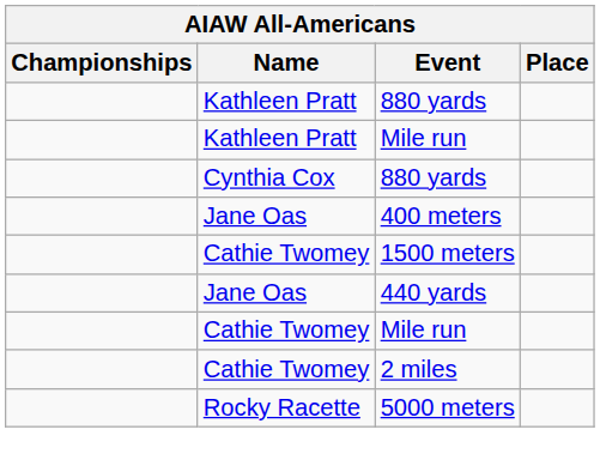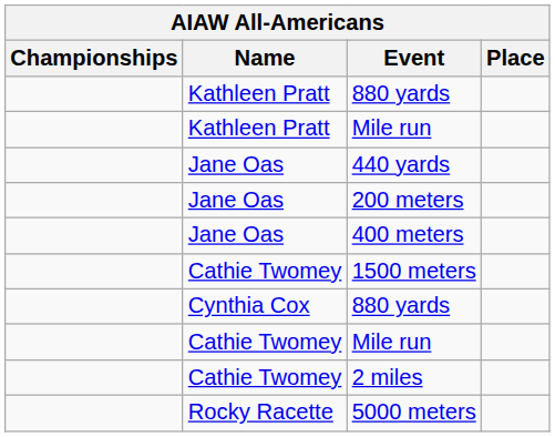 <table class="wikitable sortable">
 <tr>
 <th colspan="4">AIAW All-Americans</th>
 </tr>
 <tr>
 <th scope="col">Championships</th>
 <th scope="col">Name</th>
 <th scope="col">Event</th>
 <th scope="col">Place</th>
 </tr>
 <tr>
 <td></td>
 <td><a href='#'>Kathleen Pratt</a></td>
 <td><a href='#'>880 yards</a></td>
 <td></td>
 </tr>
 <tr>
 <td></td>
 <td><a href='#'>Kathleen Pratt</a></td>
 <td><a href='#'>Mile run</a></td>
 <td></td>
 </tr>
 <tr>
 <td></td>
-<td><a href='#'>Cynthia Cox</a></td>
-<td><a href='#'>880 yards</a></td>
+<td><a href='#'>Jane Oas</a></td>
+<td><a href='#'>440 yards</a></td>
+<td></td>
+</tr>
+<tr>
+<td></td>
+<td><a href='#'>Jane Oas</a></td>
+<td><a href='#'>200 meters</a></td>
 <td></td>
 </tr>
 <tr>
 <td></td>
 <td><a href='#'>Jane Oas</a></td>
 <td><a href='#'>400 meters</a></td>
 <td></td>
 </tr>
 <tr>
 <td></td>
 <td><a href='#'>Cathie Twomey</a></td>
 <td><a href='#'>1500 meters</a></td>
 <td></td>
 </tr>
 <tr>
 <td></td>
-<td><a href='#'>Jane Oas</a></td>
-<td><a href='#'>440 yards</a></td>
+<td><a href='#'>Cynthia Cox</a></td>
+<td><a href='#'>880 yards</a></td>
 <td></td>
 </tr>
 <tr>
 <td></td>
 <td><a href='#'>Cathie Twomey</a></td>
 <td><a href='#'>Mile run</a></td>
 <td></td>
 </tr>
 <tr>
 <td></td>
 <td><a href='#'>Cathie Twomey</a></td>
 <td><a href='#'>2 miles</a></td>
 <td></td>
 </tr>
 <tr>
 <td></td>
 <td><a href='#'>Rocky Racette</a></td>
 <td><a href='#'>5000 meters</a></td>
 <td></td>
 </tr>
 </table>
